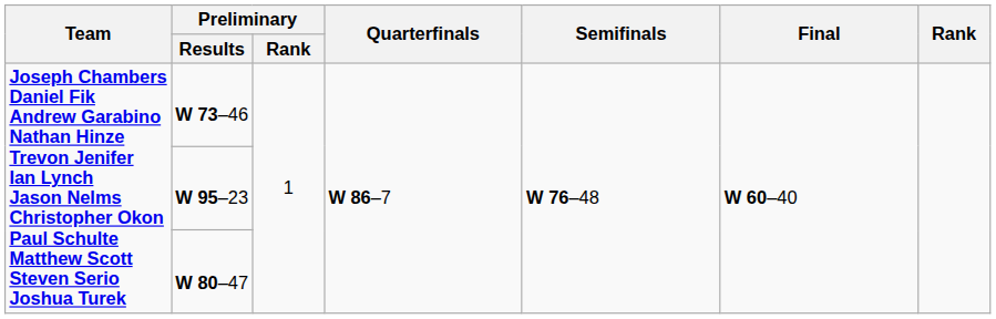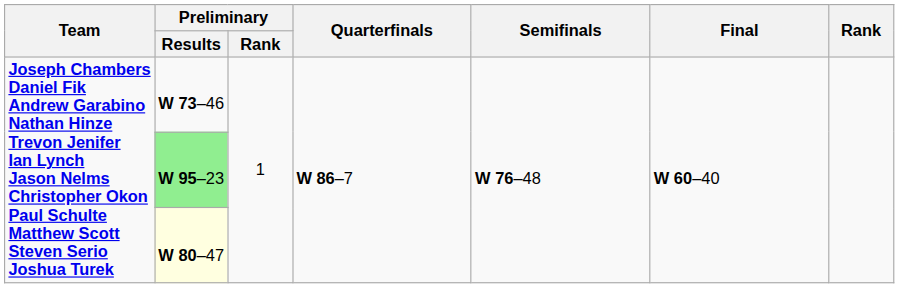 <table class="wikitable" style="text-align:left; font-size:90%">
 <tr>
 <th rowspan=2>Team</th>
 <th colspan=2>Preliminary</th>
 <th rowspan=2 width=150>Quarterfinals</th>
 <th rowspan=2 width=150>Semifinals</th>
 <th rowspan=2 width=150>Final</th>
 <th rowspan=2 width=50>Rank</th>
 </tr>
 <tr>
 <th>Results</th>
 <th width=50>Rank</th>
 </tr>
 <tr>
 <td rowspan=3><strong><a href='#'>Joseph Chambers</a><br><a href='#'>Daniel Fik</a><br><a href='#'>Andrew Garabino</a><br><a href='#'>Nathan Hinze</a><br><a href='#'>Trevon Jenifer</a><br><a href='#'>Ian Lynch</a><br><a href='#'>Jason Nelms</a><br><a href='#'>Christopher Okon</a><br><a href='#'>Paul Schulte</a><br><a href='#'>Matthew Scott</a><br><a href='#'>Steven Serio</a><br><a href='#'>Joshua Turek</a></strong></td>
 <td><br><strong>W</strong> <strong>73</strong>–46</td>
 <td rowspan=3 align=center>1</td>
 <td rowspan=3> <br><strong>W</strong> <strong>86</strong>–7</td>
 <td rowspan=3> <br><strong>W</strong> <strong>76</strong>–48</td>
 <td rowspan=3> <br><strong>W</strong> <strong>60</strong>–40</td>
 <td rowspan=3 align=center></td>
 </tr>
 <tr>
-<td><br><strong>W</strong> <strong>95</strong>–23</td>
+<td style="background: lightgreen;"><br><strong>W</strong> <strong>95</strong>–23</td>
 </tr>
 <tr>
-<td><br><strong>W</strong> <strong>80</strong>–47</td>
+<td style="background: lightyellow;"><br><strong>W</strong> <strong>80</strong>–47</td>
 </tr>
 </table>
